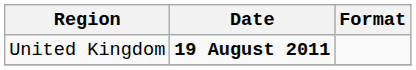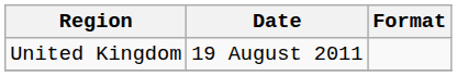 <table class=wikitable>
 <tr>
 <th>Region</th>
 <th>Date</th>
 <th>Format</th>
 </tr>
 <tr>
 <td>United Kingdom</td>
-<td><strong>19 August 2011</strong></td>
+<td>19 August 2011</td>
 <td></td>
 </tr>
 <tr>
 </tr>
 </table>
